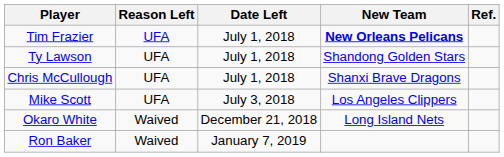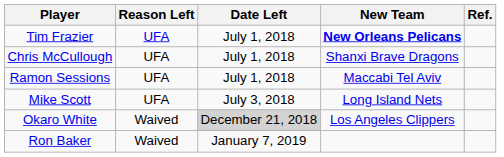 <table class="wikitable sortable sortable" style="text-align: center">
 <tr>
 <th>Player</th>
 <th>Reason Left</th>
 <th>Date Left</th>
 <th>New Team</th>
 <th>Ref.</th>
 </tr>
 <tr>
 <td><a href='#'>Tim Frazier</a></td>
 <td><a href='#'>UFA</a></td>
 <td>July 1, 2018</td>
 <td><strong><a href='#'>New Orleans Pelicans</a></strong></td>
 <td></td>
 </tr>
 <tr>
-<td><a href='#'>Ty Lawson</a></td>
-<td>UFA</td>
-<td>July 1, 2018</td>
-<td> <a href='#'>Shandong Golden Stars</a></td>
-<td></td>
-</tr>
-<tr>
 <td><a href='#'>Chris McCullough</a></td>
 <td>UFA</td>
 <td>July 1, 2018</td>
 <td> <a href='#'>Shanxi Brave Dragons</a></td>
 <td></td>
 </tr>
 <tr>
+<td><a href='#'>Ramon Sessions</a></td>
+<td>UFA</td>
+<td>July 1, 2018</td>
+<td> <a href='#'>Maccabi Tel Aviv</a></td>
+<td></td>
+</tr>
+<tr>
 <td><a href='#'>Mike Scott</a></td>
 <td>UFA</td>
 <td>July 3, 2018</td>
-<td><a href='#'>Los Angeles Clippers</a></td>
+<td><a href='#'>Long Island Nets</a></td>
 <td></td>
 </tr>
 <tr>
 <td><a href='#'>Okaro White</a></td>
 <td>Waived</td>
-<td>December 21, 2018</td>
-<td><a href='#'>Long Island Nets</a></td>
+<td style="background: lightgrey;">December 21, 2018</td>
+<td><a href='#'>Los Angeles Clippers</a></td>
 <td></td>
 </tr>
 <tr>
 <td><a href='#'>Ron Baker</a></td>
 <td>Waived</td>
 <td>January 7, 2019</td>
 <td></td>
 <td></td>
 </tr>
 </table>
